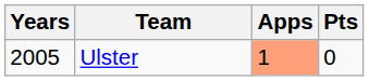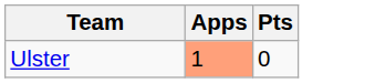 <table class="wikitable" style="text-align:left;">
 <tr>
-<th>Years</th>
 <th width=120px>Team</th>
 <th>Apps</th>
 <th>Pts</th>
 </tr>
 <tr>
-<td>2005</td>
 <td><a href='#'>Ulster</a></td>
 <td style="background: lightsalmon;">1</td>
 <td>0</td>
 </tr>
 </table>
